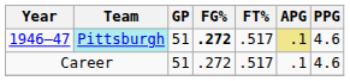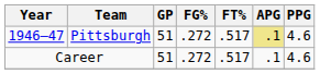 <table class="wikitable sortable" style="font-size:95%; text-align:right;">
 <tr>
 <th>Year</th>
 <th>Team</th>
 <th>GP</th>
 <th>FG%</th>
 <th>FT%</th>
 <th>APG</th>
 <th>PPG</th>
 </tr>
 <tr>
 <td style="text-align:left;"><a href='#'>1946–47</a></td>
-<td style="background: paleturquoise; text-align:left;"><a href='#'>Pittsburgh</a></td>
+<td style="text-align:left;"><a href='#'>Pittsburgh</a></td>
 <td>51</td>
-<td><strong>.272</strong></td>
+<td>.272</td>
 <td>.517</td>
 <td style="background: khaki;">.1</td>
 <td>4.6</td>
 </tr>
 <tr>
 <td style="text-align:center;" colspan="2">Career</td>
 <td>51</td>
 <td>.272</td>
 <td>.517</td>
 <td>.1</td>
 <td>4.6</td>
 </tr>
 <tr>
 </tr>
 </table>
